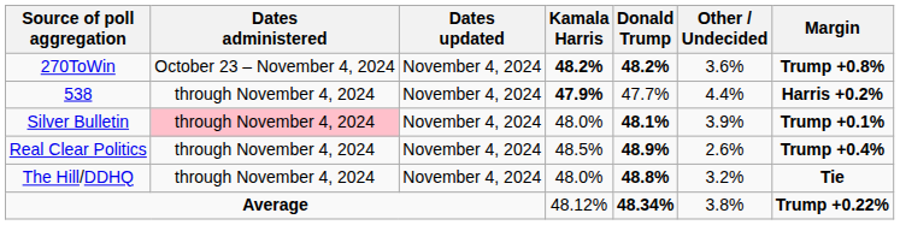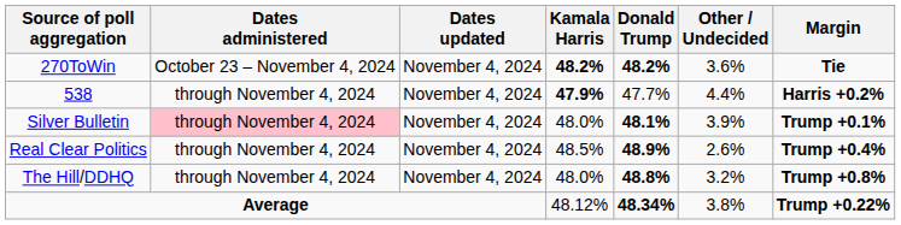 <table class="wikitable sortable" style="text-align:center;font-size:90%;line-height:17px">
 <tr>
 <th>Source of poll<br>aggregation</th>
 <th>Dates<br>administered</th>
 <th>Dates<br>updated</th>
 <th class="unsortable">Kamala<br>Harris<br><small></small></th>
 <th class="unsortable">Donald<br>Trump<br><small></small></th>
 <th>Other /<br>Undecided<br></th>
 <th>Margin</th>
 </tr>
 <tr>
 <td><a href='#'>270ToWin</a></td>
 <td>October 23 – November 4, 2024</td>
 <td>November 4, 2024</td>
 <td><strong>48.2%</strong></td>
 <td><strong>48.2%</strong></td>
 <td>3.6%</td>
-<td style="background-color:"><strong>Trump +0.8%</strong></td>
+<td><strong>Tie</strong></td>
 </tr>
 <tr>
 <td><a href='#'>538</a></td>
 <td>through November 4, 2024</td>
 <td>November 4, 2024</td>
 <td style="color:black;background-color:"><strong>47.9%</strong></td>
 <td>47.7%</td>
 <td>4.4%</td>
 <td style="color:black;background-color:"><strong>Harris +0.2%</strong></td>
 </tr>
 <tr>
 <td><a href='#'>Silver Bulletin</a></td>
 <td style="background: pink;">through November 4, 2024</td>
 <td>November 4, 2024</td>
 <td>48.0%</td>
 <td style="background-color:"><strong>48.1%</strong></td>
 <td>3.9%</td>
 <td style="background-color:"><strong>Trump +0.1%</strong></td>
 </tr>
 <tr>
 <td><a href='#'>Real Clear Politics</a></td>
 <td>through November 4, 2024</td>
 <td>November 4, 2024</td>
 <td>48.5%</td>
 <td style="background-color:"><strong>48.9%</strong></td>
 <td>2.6%</td>
 <td style="background-color:"><strong>Trump +0.4%</strong></td>
 </tr>
 <tr>
 <td><a href='#'>The Hill</a>/<a href='#'>DDHQ</a></td>
 <td>through November 4, 2024</td>
 <td>November 4, 2024</td>
 <td>48.0%</td>
 <td style="background-color:"><strong>48.8%</strong></td>
 <td>3.2%</td>
-<td><strong>Tie</strong></td>
+<td style="background-color:"><strong>Trump +0.8%</strong></td>
 </tr>
 <tr>
 <td colspan="3"><strong>Average</strong></td>
 <td>48.12%</td>
 <td style="background-color:"><strong>48.34%</strong></td>
 <td>3.8%</td>
 <td style="background-color:"><strong>Trump +0.22%</strong></td>
 </tr>
 </table>
